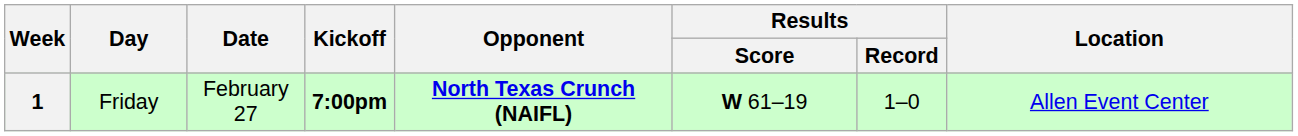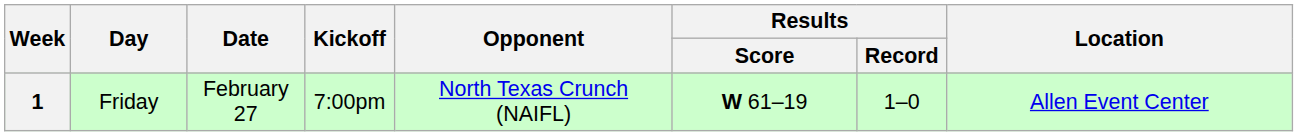 <table class="wikitable">
 <tr>
 <th rowspan="2" width="40">Week</th>
 <th rowspan="2" width="80">Day</th>
 <th rowspan="2" width="80">Date</th>
 <th rowspan="2" width="60">Kickoff</th>
 <th rowspan="2" width="200">Opponent</th>
 <th colspan="2" width="180">Results</th>
 <th rowspan="2" width="250">Location</th>
 </tr>
 <tr>
 <th width="130">Score</th>
 <th width="60">Record</th>
 </tr>
 <tr align="center" bgcolor="#CCFFCC">
 <th>1</th>
 <td>Friday</td>
 <td>February 27</td>
-<td><strong>7:00pm</strong></td>
-<td><strong><a href='#'>North Texas Crunch</a> (NAIFL)</strong></td>
+<td>7:00pm</td>
+<td><a href='#'>North Texas Crunch</a> (NAIFL)</td>
 <td><strong>W</strong> 61–19</td>
 <td>1–0</td>
 <td><a href='#'>Allen Event Center</a></td>
 </tr>
 </table>
